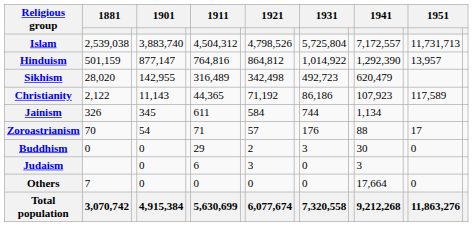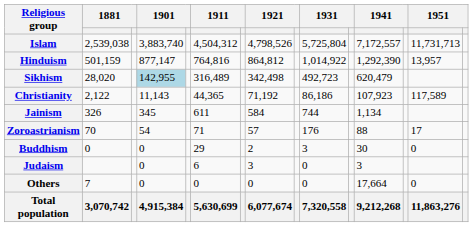 <table class="wikitable collapsible sortable">
 <tr>
 <th rowspan="2"><a href='#'>Religious</a><br>group</th>
 <th colspan="2">1881</th>
 <th colspan="2">1901</th>
 <th colspan="2">1911</th>
 <th colspan="2">1921</th>
 <th colspan="2">1931</th>
 <th colspan="2">1941</th>
 <th colspan="2">1951</th>
 </tr>
 <tr>
 <th><a href='#'></a></th>
 <th></th>
 <th></th>
 <th></th>
 <th></th>
 <th></th>
 <th></th>
 <th></th>
 <th></th>
 <th></th>
 <th></th>
 <th></th>
 <th></th>
 <th></th>
 </tr>
 <tr>
 <th><a href='#'>Islam</a> </th>
 <td>2,539,038</td>
 <td></td>
 <td>3,883,740</td>
 <td></td>
 <td>4,504,312</td>
 <td></td>
 <td>4,798,526</td>
 <td></td>
 <td>5,725,804</td>
 <td></td>
 <td>7,172,557</td>
 <td></td>
 <td>11,731,713</td>
 <td></td>
 </tr>
 <tr>
 <th><a href='#'>Hinduism</a> </th>
 <td>501,159</td>
 <td></td>
 <td>877,147</td>
 <td></td>
 <td>764,816</td>
 <td></td>
 <td>864,812</td>
 <td></td>
 <td>1,014,922</td>
 <td></td>
 <td>1,292,390</td>
 <td></td>
 <td>13,957</td>
 <td></td>
 </tr>
 <tr>
 <th><a href='#'>Sikhism</a> </th>
 <td>28,020</td>
 <td></td>
-<td>142,955</td>
+<td style="background: lightblue;">142,955</td>
 <td></td>
 <td>316,489</td>
 <td></td>
 <td>342,498</td>
 <td></td>
 <td>492,723</td>
 <td></td>
 <td>620,479</td>
 <td></td>
 <td></td>
 <td></td>
 </tr>
 <tr>
 <th><a href='#'>Christianity</a> </th>
 <td>2,122</td>
 <td></td>
 <td>11,143</td>
 <td></td>
 <td>44,365</td>
 <td></td>
 <td>71,192</td>
 <td></td>
 <td>86,186</td>
 <td></td>
 <td>107,923</td>
 <td></td>
 <td>117,589</td>
 <td></td>
 </tr>
 <tr>
 <th><a href='#'>Jainism</a> </th>
 <td>326</td>
 <td></td>
 <td>345</td>
 <td></td>
 <td>611</td>
 <td></td>
 <td>584</td>
 <td></td>
 <td>744</td>
 <td></td>
 <td>1,134</td>
 <td></td>
 <td></td>
 <td></td>
 </tr>
 <tr>
 <th><a href='#'>Zoroastrianism</a> </th>
 <td>70</td>
 <td></td>
 <td>54</td>
 <td></td>
 <td>71</td>
 <td></td>
 <td>57</td>
 <td></td>
 <td>176</td>
 <td></td>
 <td>88</td>
 <td></td>
 <td>17</td>
 <td></td>
 </tr>
 <tr>
 <th><a href='#'>Buddhism</a> </th>
 <td>0</td>
 <td></td>
 <td>0</td>
 <td></td>
 <td>29</td>
 <td></td>
 <td>2</td>
 <td></td>
 <td>3</td>
 <td></td>
 <td>30</td>
 <td></td>
 <td>0</td>
 <td></td>
 </tr>
 <tr>
 <th><a href='#'>Judaism</a> </th>
 <td></td>
 <td></td>
 <td>0</td>
 <td></td>
 <td>6</td>
 <td></td>
 <td>3</td>
 <td></td>
 <td>0</td>
 <td></td>
 <td>3</td>
 <td></td>
 <td></td>
 <td></td>
 </tr>
 <tr>
 <th>Others</th>
 <td>7</td>
 <td></td>
 <td>0</td>
 <td></td>
 <td>0</td>
 <td></td>
 <td>0</td>
 <td></td>
 <td>0</td>
 <td></td>
 <td>17,664</td>
 <td></td>
 <td>0</td>
 <td></td>
 </tr>
 <tr>
 <th>Total population</th>
 <th>3,070,742</th>
 <th></th>
 <th>4,915,384</th>
 <th></th>
 <th>5,630,699</th>
 <th></th>
 <th>6,077,674</th>
 <th></th>
 <th>7,320,558</th>
 <th></th>
 <th>9,212,268</th>
 <th></th>
 <th>11,863,276</th>
 <th></th>
 </tr>
 </table>
